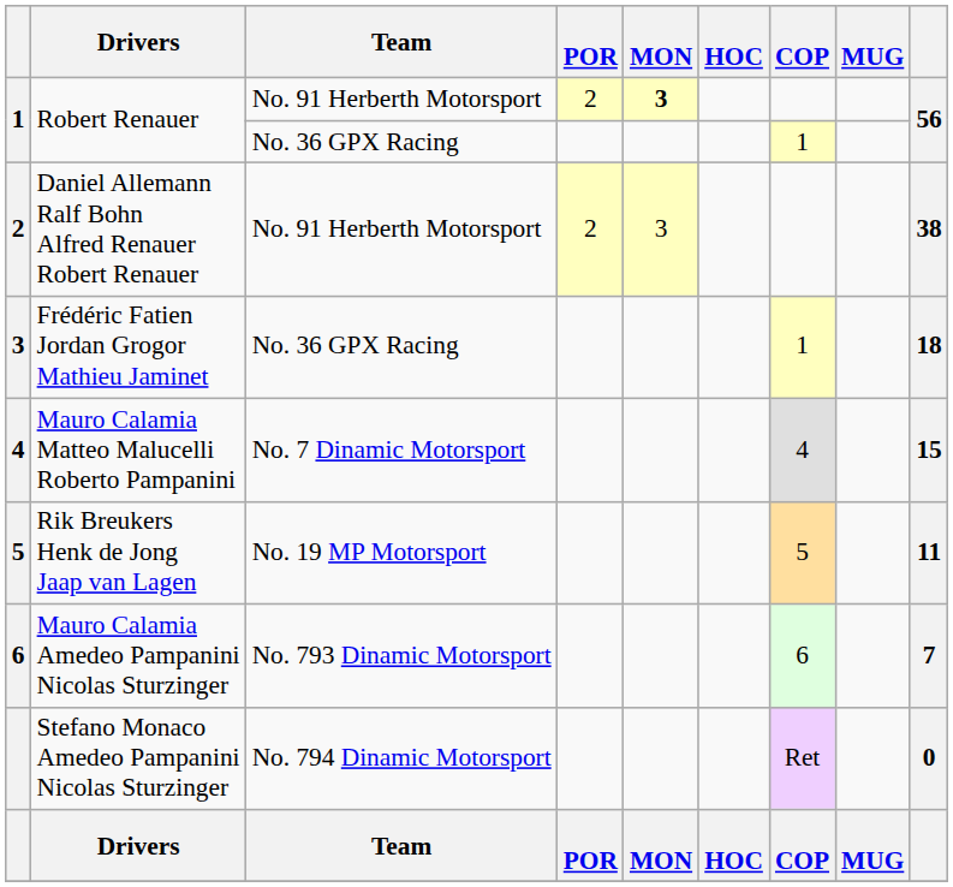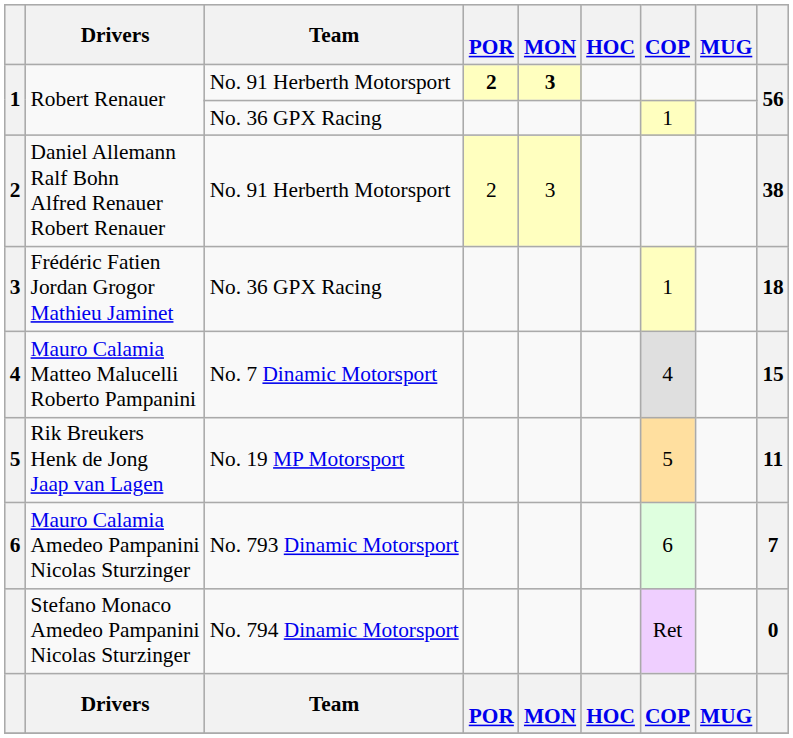 <table align=left| class="wikitable" style="font-size: 85%; text-align: center">
 <tr valign="top">
 <th valign=middle></th>
 <th valign=middle>Drivers</th>
 <th valign=middle>Team</th>
 <th><br><a href='#'>POR</a></th>
 <th><br><a href='#'>MON</a></th>
 <th><br><a href='#'>HOC</a></th>
 <th><br><a href='#'>COP</a></th>
 <th><br><a href='#'>MUG</a></th>
 <th valign=middle>  </th>
 </tr>
 <tr>
 <th rowspan=2>1</th>
 <td rowspan=2 align=left> Robert Renauer</td>
 <td align=left> No. 91 Herberth Motorsport</td>
-<td style="background:#FFFFBF;">2</td>
+<td style="background:#FFFFBF;"><strong>2</strong></td>
 <td style="background:#FFFFBF;"><strong>3</strong></td>
 <td></td>
 <td></td>
 <td></td>
 <th rowspan=2>56</th>
 </tr>
 <tr>
 <td align=left> No. 36 GPX Racing</td>
 <td></td>
 <td></td>
 <td></td>
 <td style="background:#FFFFBF;">1</td>
 <td></td>
 </tr>
 <tr>
 <th>2</th>
 <td align=left> Daniel Allemann<br> Ralf Bohn<br> Alfred Renauer<br> Robert Renauer</td>
 <td align=left> No. 91 Herberth Motorsport</td>
 <td style="background:#FFFFBF;">2</td>
 <td style="background:#FFFFBF;">3</td>
 <td></td>
 <td></td>
 <td></td>
 <th>38</th>
 </tr>
 <tr>
 <th>3</th>
 <td align=left> Frédéric Fatien<br> Jordan Grogor<br> <a href='#'>Mathieu Jaminet</a></td>
 <td align=left> No. 36 GPX Racing</td>
 <td></td>
 <td></td>
 <td></td>
 <td style="background:#FFFFBF;">1</td>
 <td></td>
 <th>18</th>
 </tr>
 <tr>
 <th>4</th>
 <td align=left> <a href='#'>Mauro Calamia</a><br> Matteo Malucelli<br> Roberto Pampanini</td>
 <td align=left> No. 7 <a href='#'>Dinamic Motorsport</a></td>
 <td></td>
 <td></td>
 <td></td>
 <td style="background:#DFDFDF;">4</td>
 <td></td>
 <th>15</th>
 </tr>
 <tr>
 <th>5</th>
 <td align=left> Rik Breukers<br> Henk de Jong<br> <a href='#'>Jaap van Lagen</a></td>
 <td align=left> No. 19 <a href='#'>MP Motorsport</a></td>
 <td></td>
 <td></td>
 <td></td>
 <td style="background:#FFDF9F;">5</td>
 <td></td>
 <th>11</th>
 </tr>
 <tr>
 <th>6</th>
 <td align=left> <a href='#'>Mauro Calamia</a><br> Amedeo Pampanini<br> Nicolas Sturzinger</td>
 <td align=left> No. 793 <a href='#'>Dinamic Motorsport</a></td>
 <td></td>
 <td></td>
 <td></td>
 <td style="background:#DFFFDF;">6</td>
 <td></td>
 <th>7</th>
 </tr>
 <tr>
 <th></th>
 <td align=left> Stefano Monaco<br> Amedeo Pampanini<br> Nicolas Sturzinger</td>
 <td align=left> No. 794 <a href='#'>Dinamic Motorsport</a></td>
 <td></td>
 <td></td>
 <td></td>
 <td style="background:#EFCFFF;">Ret</td>
 <td></td>
 <th>0</th>
 </tr>
 <tr>
 <th valign=middle></th>
 <th valign=middle>Drivers</th>
 <th valign=middle>Team</th>
 <th><br><a href='#'>POR</a></th>
 <th><br><a href='#'>MON</a></th>
 <th><br><a href='#'>HOC</a></th>
 <th><br><a href='#'>COP</a></th>
 <th><br><a href='#'>MUG</a></th>
 <th valign=middle>  </th>
 </tr>
 <tr>
 </tr>
 </table>
